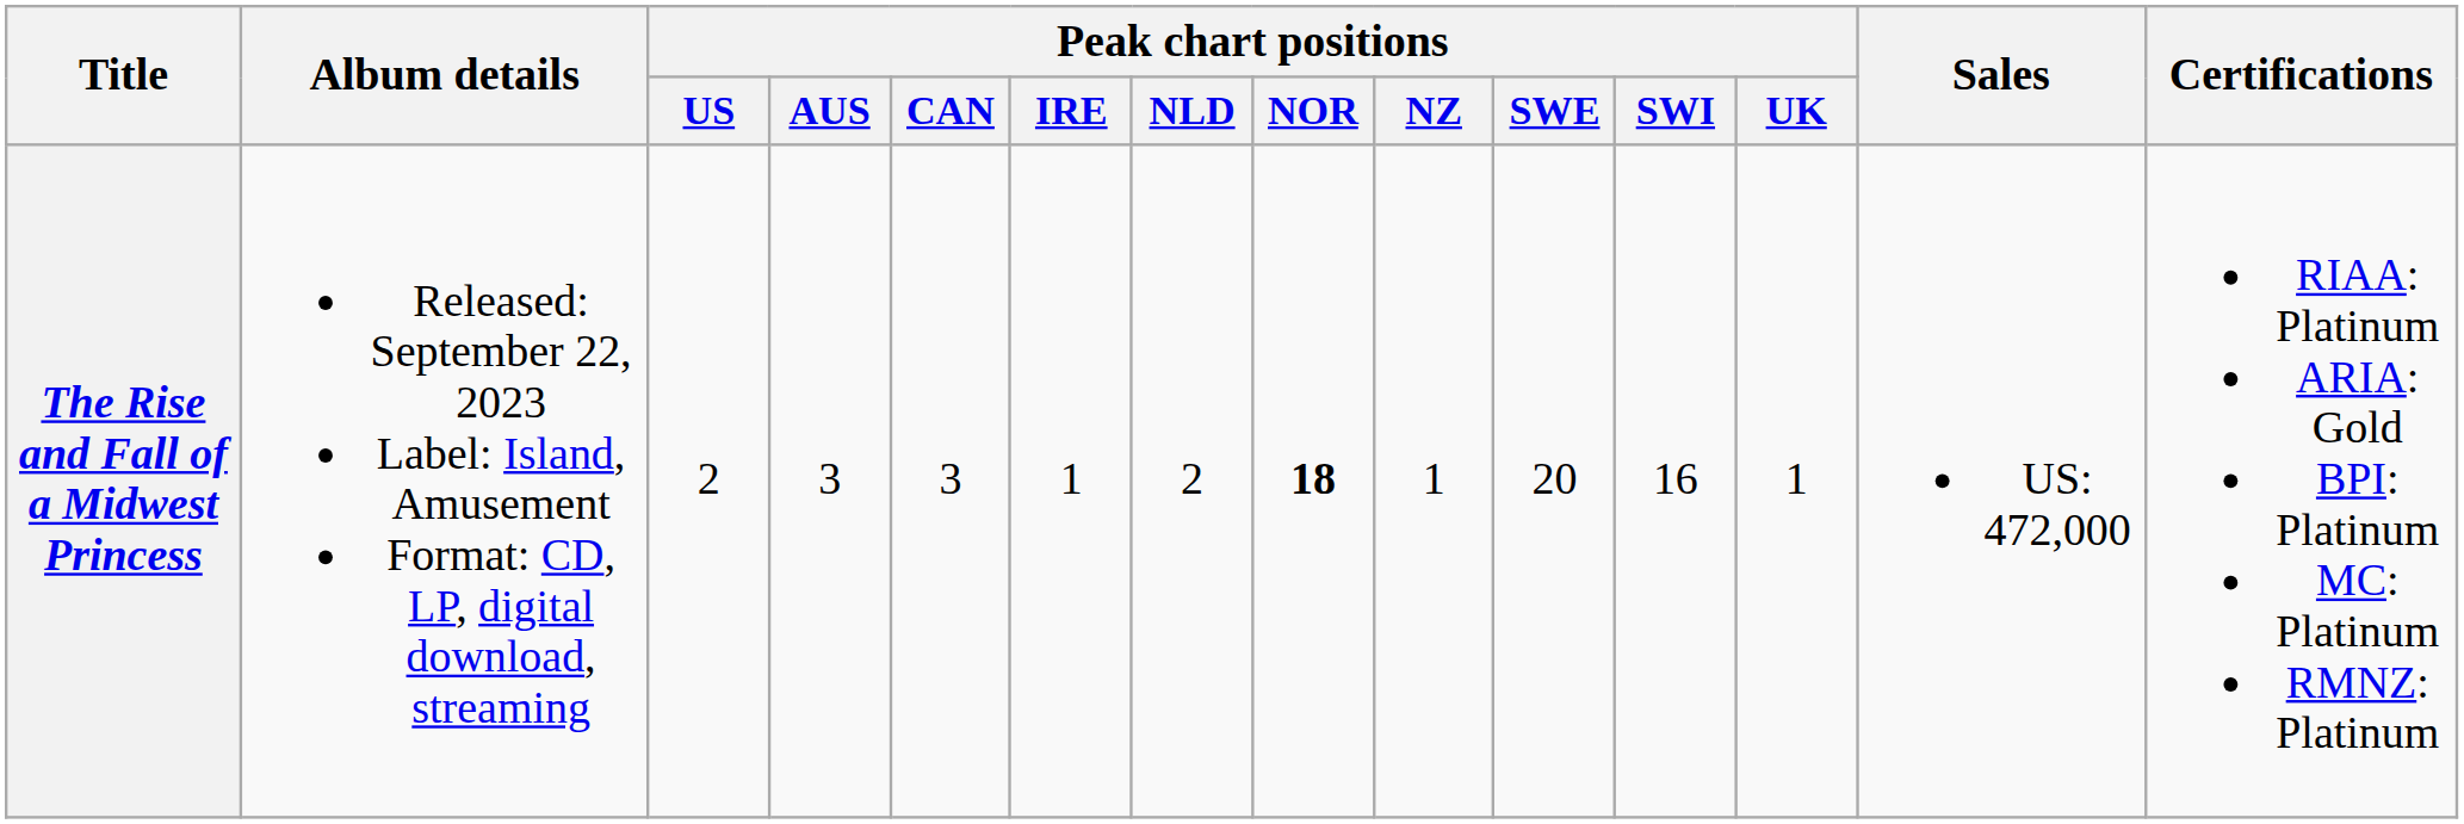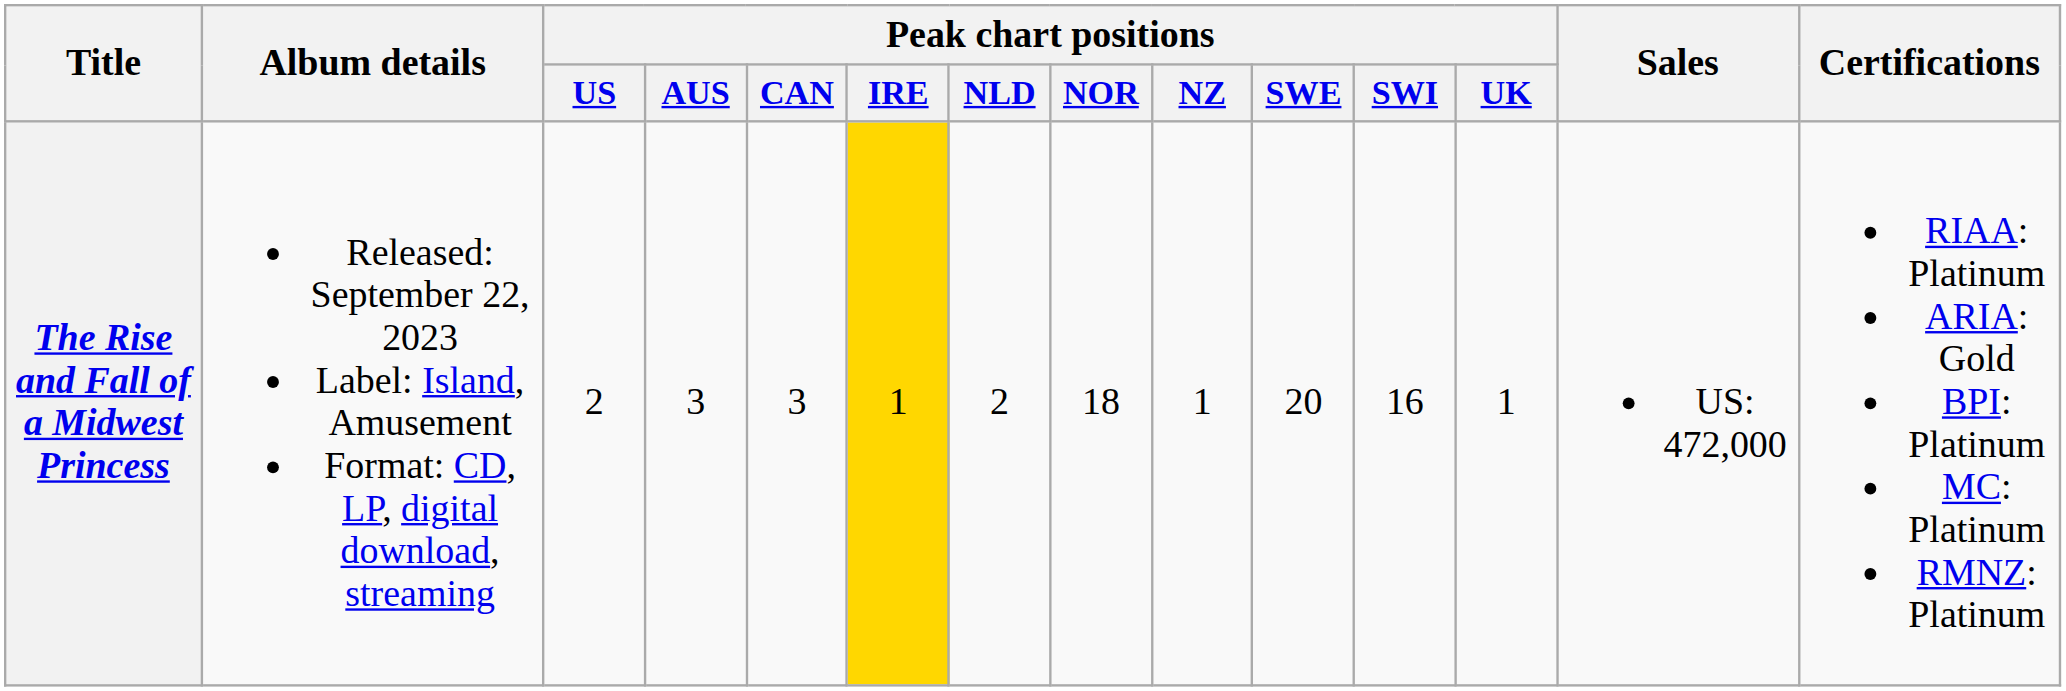 <table class="wikitable plainrowheaders" style="text-align:center;">
 <tr>
 <th scope="col" rowspan="2">Title</th>
 <th scope="col" rowspan="2">Album details</th>
 <th scope="col" colspan="10">Peak chart positions</th>
 <th scope="col" rowspan="2">Sales</th>
 <th scope="col" rowspan="2">Certifications</th>
 </tr>
 <tr>
 <th scope="col" style="width:2.5em;font-size:90%;"><a href='#'>US</a><br></th>
 <th scope="col" style="width:2.5em;font-size:90%;"><a href='#'>AUS</a><br></th>
 <th scope="col" style="width:2.5em;font-size:90%;"><a href='#'>CAN</a><br></th>
 <th scope="col" style="width:2.5em;font-size:90%;"><a href='#'>IRE</a><br></th>
 <th scope="col" style="width:2.5em;font-size:90%;"><a href='#'>NLD</a><br></th>
 <th scope="col" style="width:2.5em;font-size:90%;"><a href='#'>NOR</a><br></th>
 <th scope="col" style="width:2.5em;font-size:90%;"><a href='#'>NZ</a><br></th>
 <th scope="col" style="width:2.5em;font-size:90%;"><a href='#'>SWE</a><br></th>
 <th scope="col" style="width:2.5em;font-size:90%;"><a href='#'>SWI</a><br></th>
 <th scope="col" style="width:2.5em;font-size:90%;"><a href='#'>UK</a><br></th>
 </tr>
 <tr>
 <th scope="row"><em><a href='#'>The Rise and Fall of a Midwest Princess</a></em></th>
 <td><br><ul><li>Released: September 22, 2023</li><li>Label: <a href='#'>Island</a>, Amusement</li><li>Format: <a href='#'>CD</a>, <a href='#'>LP</a>, <a href='#'>digital download</a>, <a href='#'>streaming</a></li></ul></td>
 <td>2</td>
 <td>3</td>
 <td>3</td>
-<td>1</td>
+<td style="background: gold;">1</td>
 <td>2</td>
-<td><strong>18</strong></td>
+<td>18</td>
 <td>1</td>
 <td>20</td>
 <td>16</td>
 <td>1</td>
 <td><br><ul><li>US: 472,000</li></ul></td>
 <td><br><ul><li><a href='#'>RIAA</a>: Platinum</li><li><a href='#'>ARIA</a>: Gold</li><li><a href='#'>BPI</a>: Platinum</li><li><a href='#'>MC</a>: Platinum</li><li><a href='#'>RMNZ</a>: Platinum</li></ul></td>
 </tr>
 </table>
